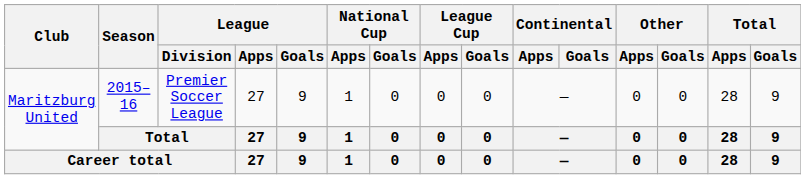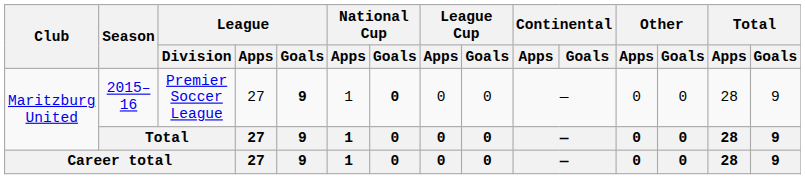 <table class="wikitable" style="text-align:center">
 <tr>
 <th rowspan="2">Club</th>
 <th rowspan="2">Season</th>
 <th colspan="3">League</th>
 <th colspan="2">National Cup</th>
 <th colspan="2">League Cup</th>
 <th colspan="2">Continental</th>
 <th colspan="2">Other</th>
 <th colspan="2">Total</th>
 </tr>
 <tr>
 <th>Division</th>
 <th>Apps</th>
 <th>Goals</th>
 <th>Apps</th>
 <th>Goals</th>
 <th>Apps</th>
 <th>Goals</th>
 <th>Apps</th>
 <th>Goals</th>
 <th>Apps</th>
 <th>Goals</th>
 <th>Apps</th>
 <th>Goals</th>
 </tr>
 <tr>
 <td rowspan="2"><a href='#'>Maritzburg United</a></td>
 <td><a href='#'>2015–16</a></td>
 <td><a href='#'>Premier Soccer League</a></td>
 <td>27</td>
-<td>9</td>
+<td><strong>9</strong></td>
 <td>1</td>
-<td>0</td>
+<td><strong>0</strong></td>
 <td>0</td>
 <td>0</td>
 <td colspan="2">—</td>
 <td>0</td>
 <td>0</td>
 <td>28</td>
 <td>9</td>
 </tr>
 <tr>
 <th colspan="2">Total</th>
 <th>27</th>
 <th>9</th>
 <th>1</th>
 <th>0</th>
 <th>0</th>
 <th>0</th>
 <th colspan="2">—</th>
 <th>0</th>
 <th>0</th>
 <th>28</th>
 <th>9</th>
 </tr>
 <tr>
 <th colspan="3">Career total</th>
 <th>27</th>
 <th>9</th>
 <th>1</th>
 <th>0</th>
 <th>0</th>
 <th>0</th>
 <th colspan="2">—</th>
 <th>0</th>
 <th>0</th>
 <th>28</th>
 <th>9</th>
 </tr>
 </table>
